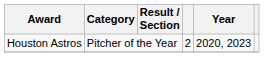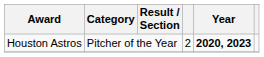 <table class="wikitable">
 <tr>
 <th>Award</th>
 <th>Category</th>
 <th>Result /<br> Section</th>
 <th></th>
 <th>Year</th>
 <th></th>
 </tr>
 <tr>
 <td>Houston Astros</td>
 <td colspan="2">Pitcher of the Year</td>
 <td style="text-align:center;">2</td>
-<td style="text-align:center;">2020, 2023</td>
+<td style="text-align:center;"><strong>2020, 2023</strong></td>
 <td style="text-align:center;"></td>
 </tr>
 <tr>
 </tr>
 </table>
